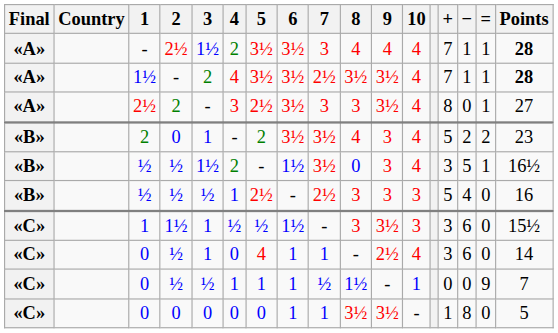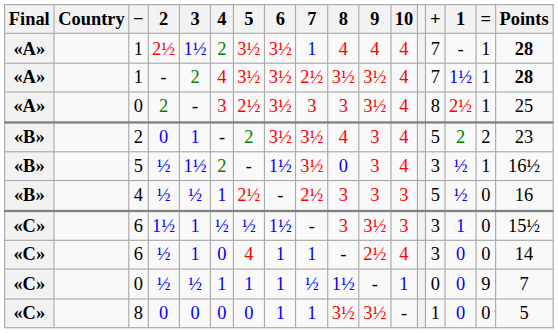 <table class="wikitable" style="text-align:center">
 <tr>
 <th>Final</th>
 <th>Country</th>
-<th>1</th>
+<th>−</th>
 <th>2</th>
 <th>3</th>
 <th>4</th>
 <th>5</th>
 <th>6</th>
 <th>7</th>
 <th>8</th>
 <th>9</th>
 <th>10</th>
 <th></th>
 <th>+</th>
-<th>−</th>
+<th>1</th>
 <th>=</th>
 <th>Points</th>
 </tr>
 <tr>
 <th>«A»</th>
 <td style="text-align: left"></td>
-<td>-</td>
+<td>1</td>
 <td style="color: red;">2½</td>
 <td style="color: blue;">1½</td>
 <td style="color: green">2</td>
 <td style="color: red;">3½</td>
 <td style="color: red;">3½</td>
-<td style="color: red;">3</td>
+<td style="color: blue;">1</td>
 <td style="color: red;">4</td>
 <td style="color: red;">4</td>
 <td style="color: red;">4</td>
 <th></th>
 <td>7</td>
-<td>1</td>
+<td>-</td>
 <td>1</td>
 <td><strong>28</strong></td>
 </tr>
 <tr>
 <th>«A»</th>
 <td style="text-align: left"></td>
-<td style="color: blue;">1½</td>
+<td>1</td>
 <td>-</td>
 <td style="color: green">2</td>
 <td style="color: red;">4</td>
 <td style="color: red;">3½</td>
 <td style="color: red;">3½</td>
 <td style="color: red;">2½</td>
 <td style="color: red;">3½</td>
 <td style="color: red;">3½</td>
 <td style="color: red;">4</td>
 <th></th>
 <td>7</td>
-<td>1</td>
+<td style="color: blue;">1½</td>
 <td>1</td>
 <td><strong>28</strong></td>
 </tr>
 <tr>
 <th>«A»</th>
 <td style="text-align: left"></td>
-<td style="color: red;">2½</td>
+<td>0</td>
 <td style="color: green">2</td>
 <td>-</td>
 <td style="color: red;">3</td>
 <td style="color: red;">2½</td>
 <td style="color: red;">3½</td>
 <td style="color: red;">3</td>
 <td style="color: red;">3</td>
 <td style="color: red;">3½</td>
 <td style="color: red;">4</td>
 <th></th>
 <td>8</td>
-<td>0</td>
+<td style="color: red;">2½</td>
 <td>1</td>
-<td>27</td>
+<td>25</td>
 </tr>
 <tr style="border-top:2px solid grey;">
 <th>«B»</th>
 <td style="text-align: left"></td>
-<td style="color: green">2</td>
+<td>2</td>
 <td style="color: blue;">0</td>
 <td style="color: blue;">1</td>
 <td>-</td>
 <td style="color: green">2</td>
 <td style="color: red;">3½</td>
 <td style="color: red;">3½</td>
 <td style="color: red;">4</td>
 <td style="color: red;">3</td>
 <td style="color: red;">4</td>
 <th></th>
 <td>5</td>
-<td>2</td>
+<td style="color: green">2</td>
 <td>2</td>
 <td>23</td>
 </tr>
 <tr>
 <th>«B»</th>
 <td style="text-align: left"></td>
-<td style="color: blue;">½</td>
+<td>5</td>
 <td style="color: blue;">½</td>
 <td style="color: blue;">1½</td>
 <td style="color: green">2</td>
 <td>-</td>
 <td style="color: blue;">1½</td>
 <td style="color: red;">3½</td>
 <td style="color: blue;">0</td>
 <td style="color: red;">3</td>
 <td style="color: red;">4</td>
 <th></th>
 <td>3</td>
-<td>5</td>
+<td style="color: blue;">½</td>
 <td>1</td>
 <td>16½</td>
 </tr>
 <tr>
 <th>«B»</th>
 <td style="text-align: left"></td>
-<td style="color: blue;">½</td>
+<td>4</td>
 <td style="color: blue;">½</td>
 <td style="color: blue;">½</td>
 <td style="color: blue;">1</td>
 <td style="color: red;">2½</td>
 <td>-</td>
 <td style="color: red;">2½</td>
 <td style="color: red;">3</td>
 <td style="color: red;">3</td>
 <td style="color: red;">3</td>
 <th></th>
 <td>5</td>
-<td>4</td>
+<td style="color: blue;">½</td>
 <td>0</td>
 <td>16</td>
 </tr>
 <tr style="border-top:2px solid grey;">
 <th>«C»</th>
 <td style="text-align: left"></td>
-<td style="color: blue;">1</td>
+<td>6</td>
 <td style="color: blue;">1½</td>
 <td style="color: blue;">1</td>
 <td style="color: blue;">½</td>
 <td style="color: blue;">½</td>
 <td style="color: blue;">1½</td>
 <td>-</td>
 <td style="color: red;">3</td>
 <td style="color: red;">3½</td>
 <td style="color: red;">3</td>
 <th></th>
 <td>3</td>
-<td>6</td>
+<td style="color: blue;">1</td>
 <td>0</td>
 <td>15½</td>
 </tr>
 <tr>
 <th>«C»</th>
 <td style="text-align: left"></td>
-<td style="color: blue;">0</td>
+<td>6</td>
 <td style="color: blue;">½</td>
 <td style="color: blue;">1</td>
 <td style="color: blue;">0</td>
 <td style="color: red;">4</td>
 <td style="color: blue;">1</td>
 <td style="color: blue;">1</td>
 <td>-</td>
 <td style="color: red;">2½</td>
 <td style="color: red;">4</td>
 <th></th>
 <td>3</td>
-<td>6</td>
+<td style="color: blue;">0</td>
 <td>0</td>
 <td>14</td>
 </tr>
 <tr>
 <th>«C»</th>
 <td style="text-align: left"></td>
-<td style="color: blue;">0</td>
+<td>0</td>
 <td style="color: blue;">½</td>
 <td style="color: blue;">½</td>
 <td style="color: blue;">1</td>
 <td style="color: blue;">1</td>
 <td style="color: blue;">1</td>
 <td style="color: blue;">½</td>
 <td style="color: blue;">1½</td>
 <td>-</td>
 <td style="color: blue;">1</td>
 <th></th>
 <td>0</td>
-<td>0</td>
+<td style="color: blue;">0</td>
 <td>9</td>
 <td>7</td>
 </tr>
 <tr>
 <th>«C»</th>
 <td style="text-align: left"></td>
-<td style="color: blue;">0</td>
+<td>8</td>
 <td style="color: blue;">0</td>
 <td style="color: blue;">0</td>
 <td style="color: blue;">0</td>
 <td style="color: blue;">0</td>
 <td style="color: blue;">1</td>
 <td style="color: blue;">1</td>
 <td style="color: red;">3½</td>
 <td style="color: red;">3½</td>
 <td>-</td>
 <th></th>
 <td>1</td>
-<td>8</td>
+<td style="color: blue;">0</td>
 <td>0</td>
 <td>5</td>
 </tr>
 </table>
